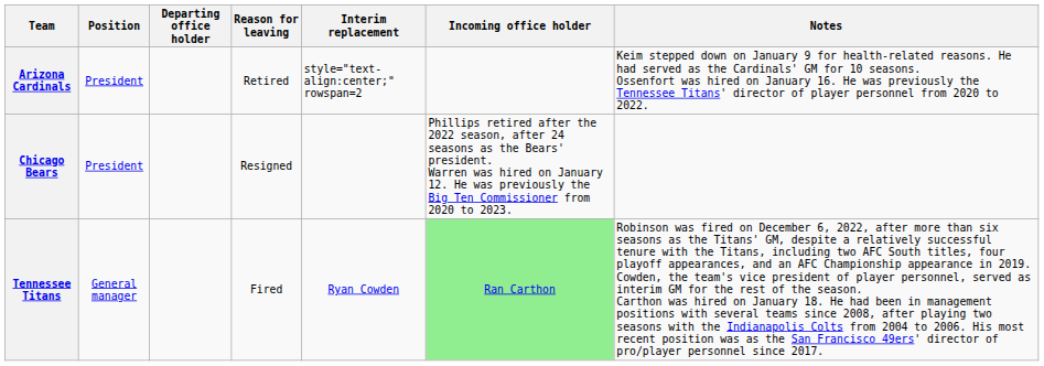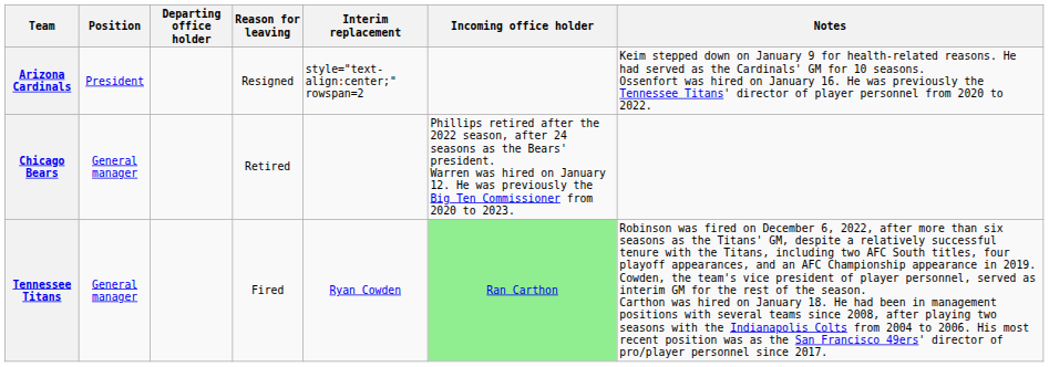 <table class="wikitable sortable plainrowheaders">
 <tr>
 <th>Team</th>
 <th>Position</th>
 <th>Departing office holder</th>
 <th>Reason for leaving</th>
 <th>Interim replacement</th>
 <th>Incoming office holder</th>
 <th>Notes</th>
 </tr>
 <tr>
 <th scope="row" style="text-align:center;"><a href='#'>Arizona Cardinals</a></th>
 <td style="text-align:center;" rowspan="1"><a href='#'>President</a></td>
 <td style="text-align:center;"></td>
-<td style="text-align:center;">Retired</td>
+<td style="text-align:center;">Resigned</td>
 <td>style="text-align:center;" rowspan=2 </td>
 <td style="text-align:center;"></td>
 <td>Keim stepped down on January 9 for health-related reasons. He had served as the Cardinals' GM for 10 seasons.<br>Ossenfort was hired on January 16. He was previously the <a href='#'>Tennessee Titans</a>' director of player personnel from 2020 to 2022.</td>
 </tr>
 <tr>
 <th scope="row" style="text-align:center;"><a href='#'>Chicago Bears</a></th>
-<td style="text-align:center;" rowspan="1"><a href='#'>President</a></td>
+<td style="text-align:center;" rowspan="1"><a href='#'>General manager</a></td>
 <td style="text-align:center;"></td>
-<td style="text-align:center;">Resigned</td>
+<td style="text-align:center;">Retired</td>
 <td style="text-align:center;"></td>
 <td>Phillips retired after the 2022 season, after 24 seasons as the Bears' president.<br>Warren was hired on January 12. He was previously the <a href='#'>Big Ten Commissioner</a> from 2020 to 2023.</td>
 </tr>
 <tr>
 <th scope="row" style="text-align:center;"><a href='#'>Tennessee Titans</a></th>
 <td style="text-align:center;" rowspan="1"><a href='#'>General manager</a></td>
 <td style="text-align:center;"></td>
 <td style="text-align:center;">Fired</td>
 <td style="text-align:center;"><a href='#'>Ryan Cowden</a></td>
 <td style="background: lightgreen; text-align:center;"><a href='#'>Ran Carthon</a></td>
 <td>Robinson was fired on December 6, 2022, after more than six seasons as the Titans' GM, despite a relatively successful tenure with the Titans, including two AFC South titles, four playoff appearances, and an AFC Championship appearance in 2019.<br>Cowden, the team's vice president of player personnel, served as interim GM for the rest of the season.<br>Carthon was hired on January 18. He had been in management positions with several teams since 2008, after playing two seasons with the <a href='#'>Indianapolis Colts</a> from 2004 to 2006. His most recent position was as the <a href='#'>San Francisco 49ers</a>' director of pro/player personnel since 2017.</td>
 </tr>
 </table>
